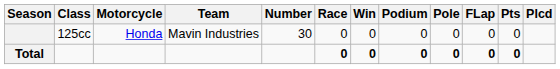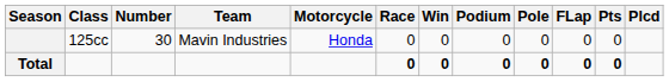 <table class="wikitable">
 <tr>
 <th>Season</th>
 <th>Class</th>
+<th>Number</th>
+<th>Team</th>
 <th>Motorcycle</th>
-<th>Team</th>
-<th>Number</th>
 <th>Race</th>
 <th>Win</th>
 <th>Podium</th>
 <th>Pole</th>
 <th>FLap</th>
 <th>Pts</th>
 <th>Plcd</th>
 </tr>
 <tr align="right">
 <th></th>
 <td>125cc</td>
+<td>30</td>
+<td>Mavin Industries</td>
 <td><a href='#'>Honda</a></td>
-<td>Mavin Industries</td>
-<td>30</td>
 <td>0</td>
 <td>0</td>
 <td>0</td>
 <td>0</td>
 <td>0</td>
 <td>0</td>
 <td></td>
 </tr>
 <tr align="right">
 <th>Total</th>
 <td></td>
 <td></td>
 <td></td>
 <td></td>
 <td><strong>0</strong></td>
 <td><strong>0</strong></td>
 <td><strong>0</strong></td>
 <td><strong>0</strong></td>
 <td><strong>0</strong></td>
 <td><strong>0</strong></td>
 <td></td>
 </tr>
 </table>
